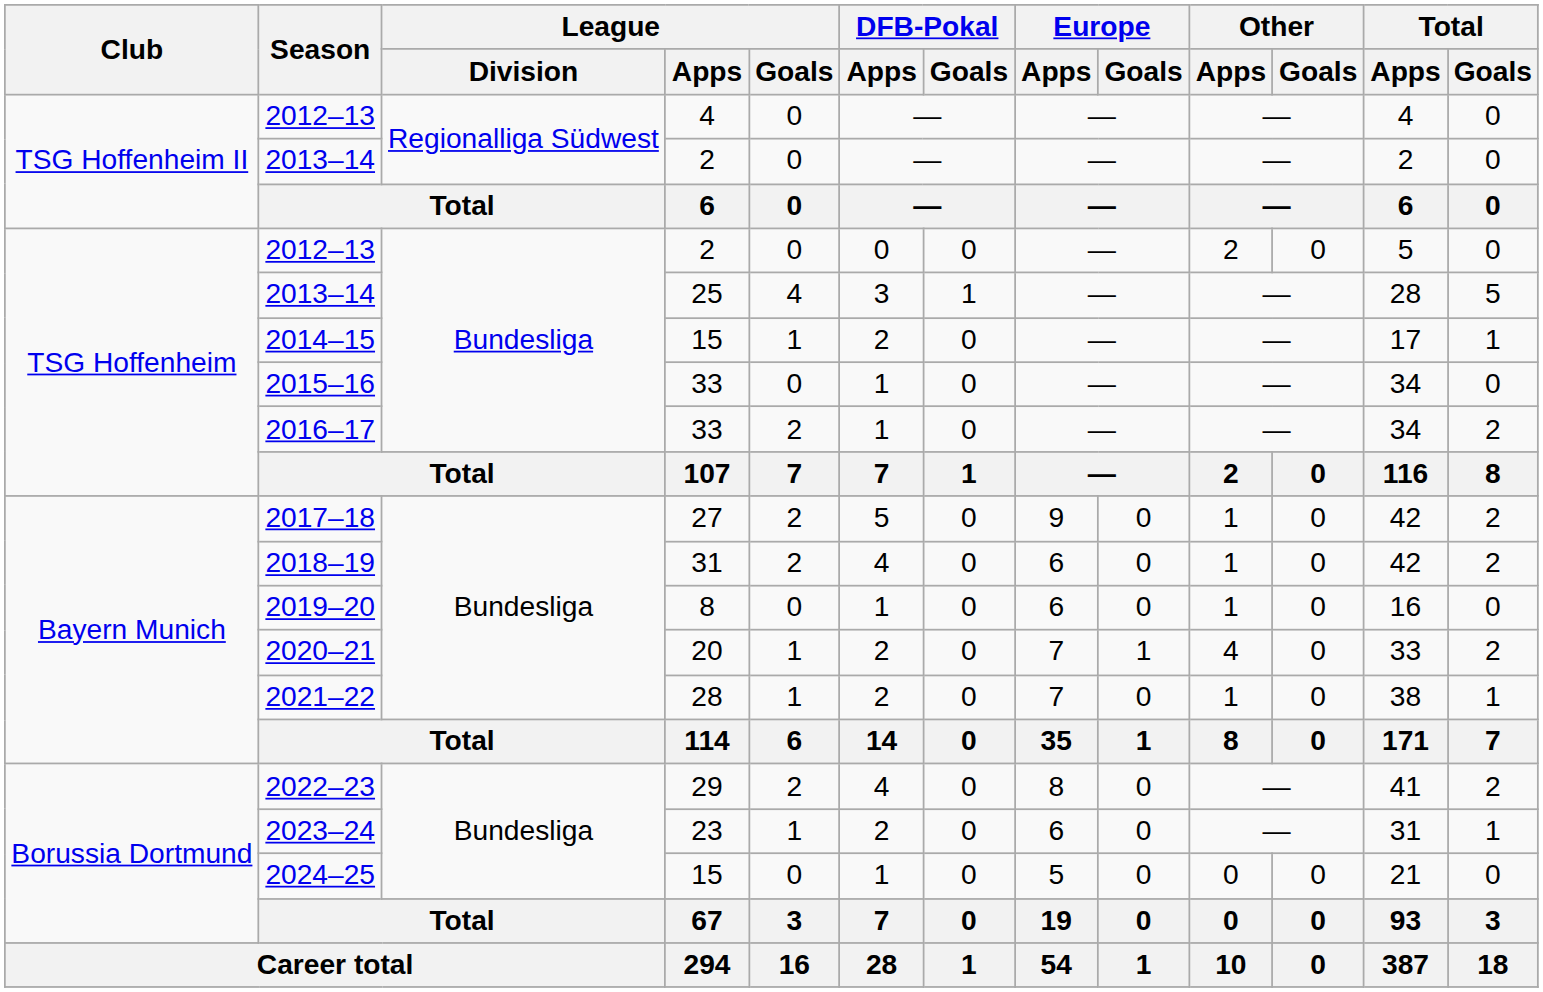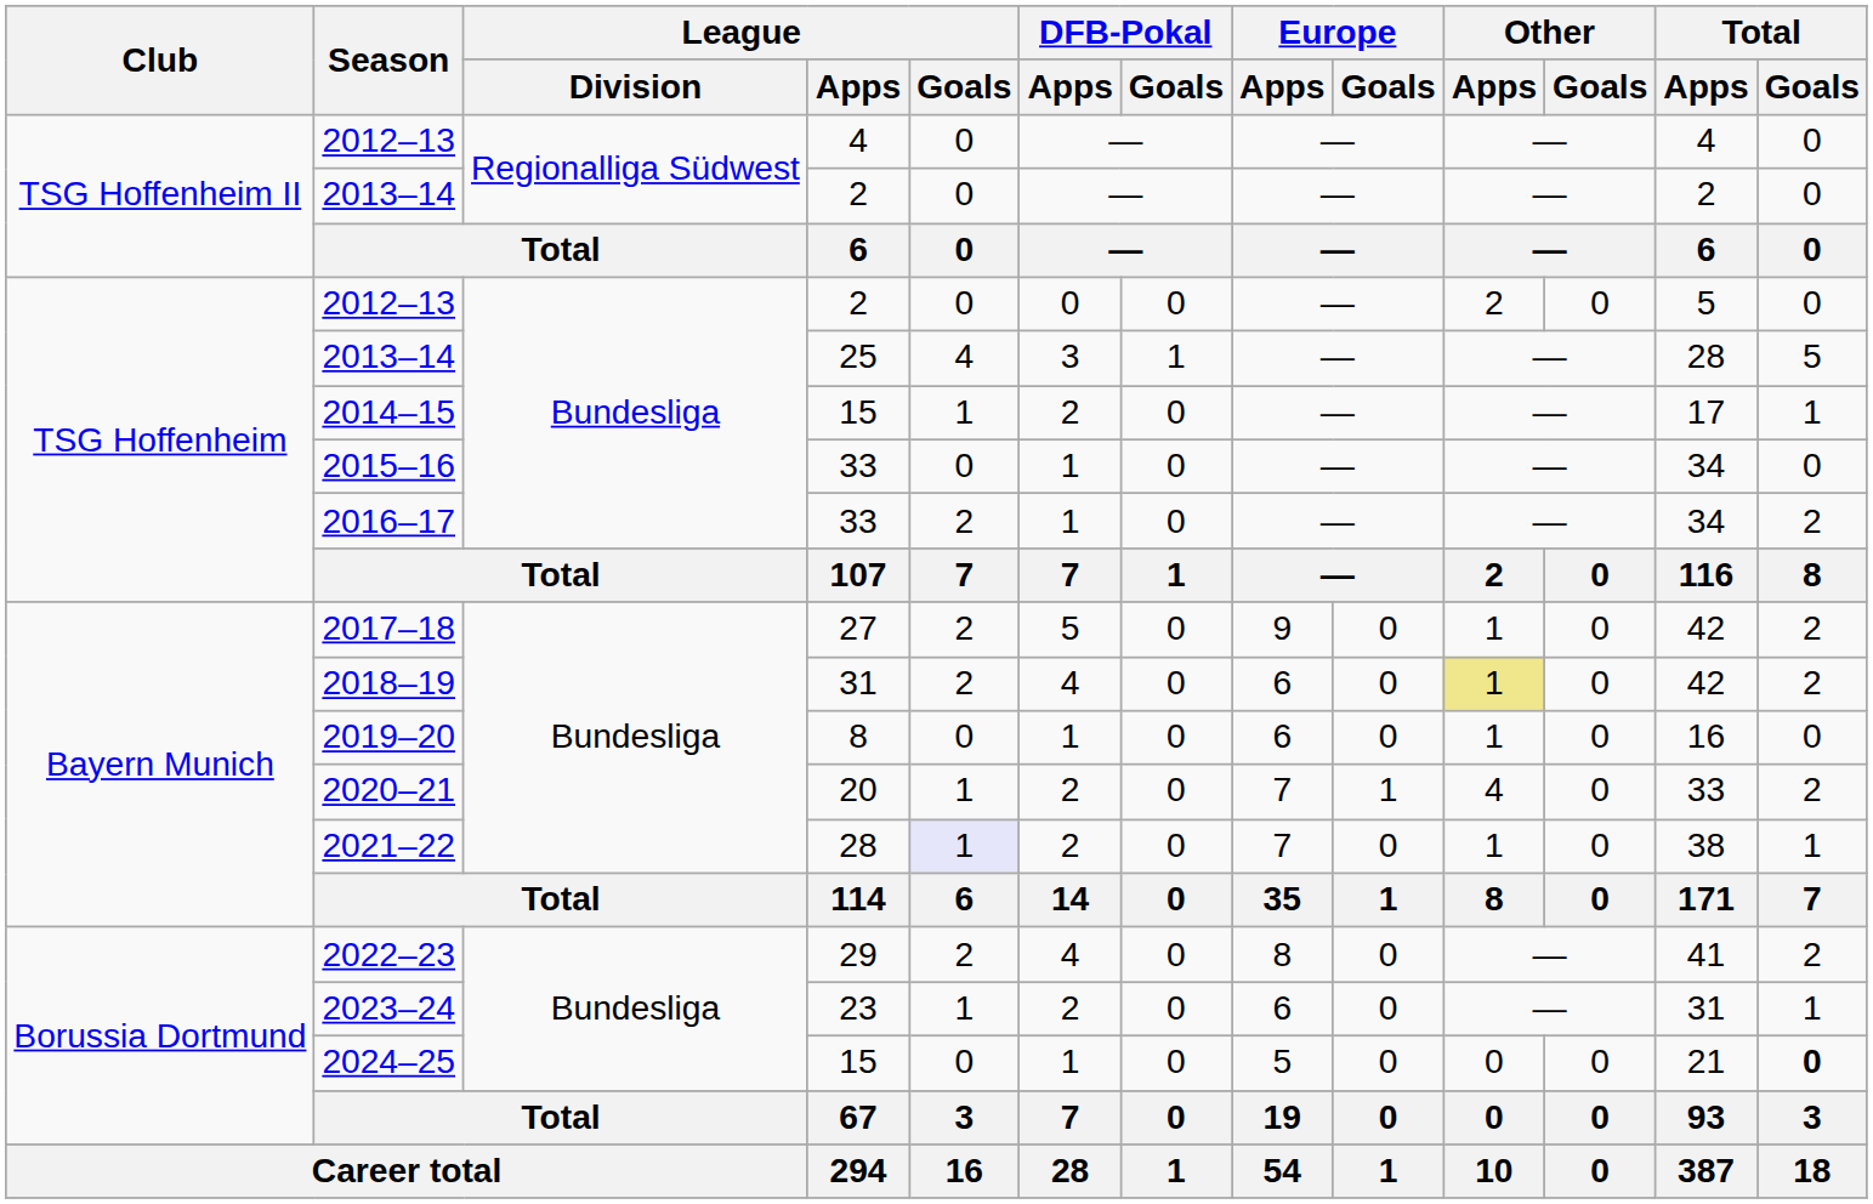 <table class="wikitable" style="text-align:center">
 <tr>
 <th rowspan="2">Club</th>
 <th rowspan="2">Season</th>
 <th colspan="3">League</th>
 <th colspan="2"><a href='#'>DFB-Pokal</a></th>
 <th colspan="2"><a href='#'>Europe</a></th>
 <th colspan="2">Other</th>
 <th colspan="2">Total</th>
 </tr>
 <tr>
 <th>Division</th>
 <th>Apps</th>
 <th>Goals</th>
 <th>Apps</th>
 <th>Goals</th>
 <th>Apps</th>
 <th>Goals</th>
 <th>Apps</th>
 <th>Goals</th>
 <th>Apps</th>
 <th>Goals</th>
 </tr>
 <tr>
 <td rowspan="3"><a href='#'>TSG Hoffenheim II</a></td>
 <td><a href='#'>2012–13</a></td>
 <td rowspan="2"><a href='#'>Regionalliga Südwest</a></td>
 <td>4</td>
 <td>0</td>
 <td colspan="2">—</td>
 <td colspan="2">—</td>
 <td colspan="2">—</td>
 <td>4</td>
 <td>0</td>
 </tr>
 <tr>
 <td><a href='#'>2013–14</a></td>
 <td>2</td>
 <td>0</td>
 <td colspan="2">—</td>
 <td colspan="2">—</td>
 <td colspan="2">—</td>
 <td>2</td>
 <td>0</td>
 </tr>
 <tr>
 <th colspan="2">Total</th>
 <th>6</th>
 <th>0</th>
 <th colspan="2">—</th>
 <th colspan="2">—</th>
 <th colspan="2">—</th>
 <th>6</th>
 <th>0</th>
 </tr>
 <tr>
 <td rowspan="6"><a href='#'>TSG Hoffenheim</a></td>
 <td><a href='#'>2012–13</a></td>
 <td rowspan="5"><a href='#'>Bundesliga</a></td>
 <td>2</td>
 <td>0</td>
 <td>0</td>
 <td>0</td>
 <td colspan="2">—</td>
 <td>2</td>
 <td>0</td>
 <td>5</td>
 <td>0</td>
 </tr>
 <tr>
 <td><a href='#'>2013–14</a></td>
 <td>25</td>
 <td>4</td>
 <td>3</td>
 <td>1</td>
 <td colspan="2">—</td>
 <td colspan="2">—</td>
 <td>28</td>
 <td>5</td>
 </tr>
 <tr>
 <td><a href='#'>2014–15</a></td>
 <td>15</td>
 <td>1</td>
 <td>2</td>
 <td>0</td>
 <td colspan="2">—</td>
 <td colspan="2">—</td>
 <td>17</td>
 <td>1</td>
 </tr>
 <tr>
 <td><a href='#'>2015–16</a></td>
 <td>33</td>
 <td>0</td>
 <td>1</td>
 <td>0</td>
 <td colspan="2">—</td>
 <td colspan="2">—</td>
 <td>34</td>
 <td>0</td>
 </tr>
 <tr>
 <td><a href='#'>2016–17</a></td>
 <td>33</td>
 <td>2</td>
 <td>1</td>
 <td>0</td>
 <td colspan="2">—</td>
 <td colspan="2">—</td>
 <td>34</td>
 <td>2</td>
 </tr>
 <tr>
 <th colspan="2">Total</th>
 <th>107</th>
 <th>7</th>
 <th>7</th>
 <th>1</th>
 <th colspan="2">—</th>
 <th>2</th>
 <th>0</th>
 <th>116</th>
 <th>8</th>
 </tr>
 <tr>
 <td rowspan="6"><a href='#'>Bayern Munich</a></td>
 <td><a href='#'>2017–18</a></td>
 <td rowspan="5">Bundesliga</td>
 <td>27</td>
 <td>2</td>
 <td>5</td>
 <td>0</td>
 <td>9</td>
 <td>0</td>
 <td>1</td>
 <td>0</td>
 <td>42</td>
 <td>2</td>
 </tr>
 <tr>
 <td><a href='#'>2018–19</a></td>
 <td>31</td>
 <td>2</td>
 <td>4</td>
 <td>0</td>
 <td>6</td>
 <td>0</td>
-<td>1</td>
+<td style="background: khaki;">1</td>
 <td>0</td>
 <td>42</td>
 <td>2</td>
 </tr>
 <tr>
 <td><a href='#'>2019–20</a></td>
 <td>8</td>
 <td>0</td>
 <td>1</td>
 <td>0</td>
 <td>6</td>
 <td>0</td>
 <td>1</td>
 <td>0</td>
 <td>16</td>
 <td>0</td>
 </tr>
 <tr>
 <td><a href='#'>2020–21</a></td>
 <td>20</td>
 <td>1</td>
 <td>2</td>
 <td>0</td>
 <td>7</td>
 <td>1</td>
 <td>4</td>
 <td>0</td>
 <td>33</td>
 <td>2</td>
 </tr>
 <tr>
 <td><a href='#'>2021–22</a></td>
 <td>28</td>
-<td>1</td>
+<td style="background: lavender;">1</td>
 <td>2</td>
 <td>0</td>
 <td>7</td>
 <td>0</td>
 <td>1</td>
 <td>0</td>
 <td>38</td>
 <td>1</td>
 </tr>
 <tr>
 <th colspan="2">Total</th>
 <th>114</th>
 <th>6</th>
 <th>14</th>
 <th>0</th>
 <th>35</th>
 <th>1</th>
 <th>8</th>
 <th>0</th>
 <th>171</th>
 <th>7</th>
 </tr>
 <tr>
 <td rowspan="4"><a href='#'>Borussia Dortmund</a></td>
 <td><a href='#'>2022–23</a></td>
 <td rowspan="3">Bundesliga</td>
 <td>29</td>
 <td>2</td>
 <td>4</td>
 <td>0</td>
 <td>8</td>
 <td>0</td>
 <td colspan="2">—</td>
 <td>41</td>
 <td>2</td>
 </tr>
 <tr>
 <td><a href='#'>2023–24</a></td>
 <td>23</td>
 <td>1</td>
 <td>2</td>
 <td>0</td>
 <td>6</td>
 <td>0</td>
 <td colspan="2">—</td>
 <td>31</td>
 <td>1</td>
 </tr>
 <tr>
 <td><a href='#'>2024–25</a></td>
 <td>15</td>
 <td>0</td>
 <td>1</td>
 <td>0</td>
 <td>5</td>
 <td>0</td>
 <td>0</td>
 <td>0</td>
 <td>21</td>
-<td>0</td>
+<td><strong>0</strong></td>
 </tr>
 <tr>
 <th colspan="2">Total</th>
 <th>67</th>
 <th>3</th>
 <th>7</th>
 <th>0</th>
 <th>19</th>
 <th>0</th>
 <th>0</th>
 <th>0</th>
 <th>93</th>
 <th>3</th>
 </tr>
 <tr>
 <th colspan="3">Career total</th>
 <th>294</th>
 <th>16</th>
 <th>28</th>
 <th>1</th>
 <th>54</th>
 <th>1</th>
 <th>10</th>
 <th>0</th>
 <th>387</th>
 <th>18</th>
 </tr>
 </table>
